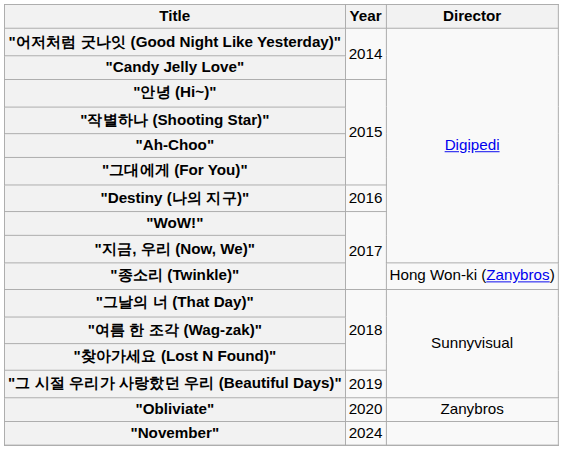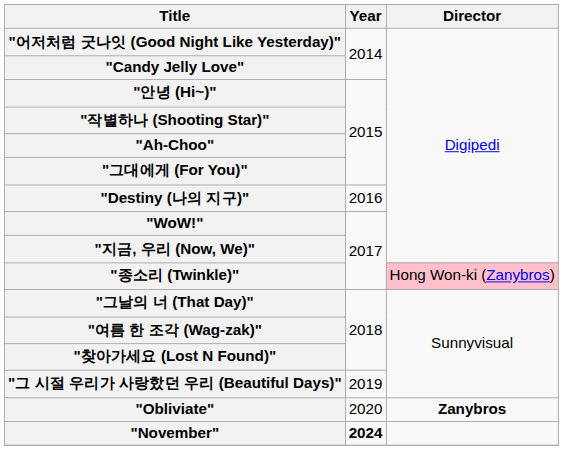 <table class="wikitable plainrowheaders" style="text-align:center;">
 <tr>
 <th>Title</th>
 <th>Year</th>
 <th>Director</th>
 </tr>
 <tr>
 <th scope="row">"어저처럼 굿나잇 (Good Night Like Yesterday)"</th>
 <td rowspan="2">2014</td>
 <td rowspan="9"><a href='#'>Digipedi</a></td>
 </tr>
 <tr>
 <th scope="row">"Candy Jelly Love"</th>
 </tr>
 <tr>
 <th scope="row">"안녕 (Hi~)"</th>
 <td rowspan="4">2015</td>
 </tr>
 <tr>
 <th scope="row">"작별하나 (Shooting Star)"</th>
 </tr>
 <tr>
 <th scope="row">"Ah-Choo"</th>
 </tr>
 <tr>
 <th scope="row">"그대에게 (For You)"</th>
 </tr>
 <tr>
 <th scope="row">"Destiny (나의 지구)"</th>
 <td>2016</td>
 </tr>
 <tr>
 <th scope="row">"WoW!"</th>
 <td rowspan="3">2017</td>
 </tr>
 <tr>
 <th scope="row">"지금, 우리 (Now, We)"</th>
 </tr>
 <tr>
 <th scope="row">"종소리 (Twinkle)"</th>
-<td>Hong Won-ki (<a href='#'>Zanybros</a>)</td>
+<td style="background: pink;">Hong Won-ki (<a href='#'>Zanybros</a>)</td>
 </tr>
 <tr>
 <th scope="row">"그날의 너 (That Day)"</th>
 <td rowspan="3">2018</td>
 <td rowspan="4">Sunnyvisual</td>
 </tr>
 <tr>
 <th scope="row">"여름 한 조각 (Wag-zak)"</th>
 </tr>
 <tr>
 <th scope="row">"찾아가세요 (Lost N Found)"</th>
 </tr>
 <tr>
 <th scope="row">"그 시절 우리가 사랑핬던 우리 (Beautiful Days)"</th>
 <td>2019</td>
 </tr>
 <tr>
 <th scope="row">"Obliviate"</th>
 <td>2020</td>
-<td>Zanybros</td>
+<td><strong>Zanybros</strong></td>
 </tr>
 <tr>
 <th scope="row">"November"</th>
-<td>2024</td>
+<td><strong>2024</strong></td>
 <td></td>
 </tr>
 <tr>
 </tr>
 </table>
